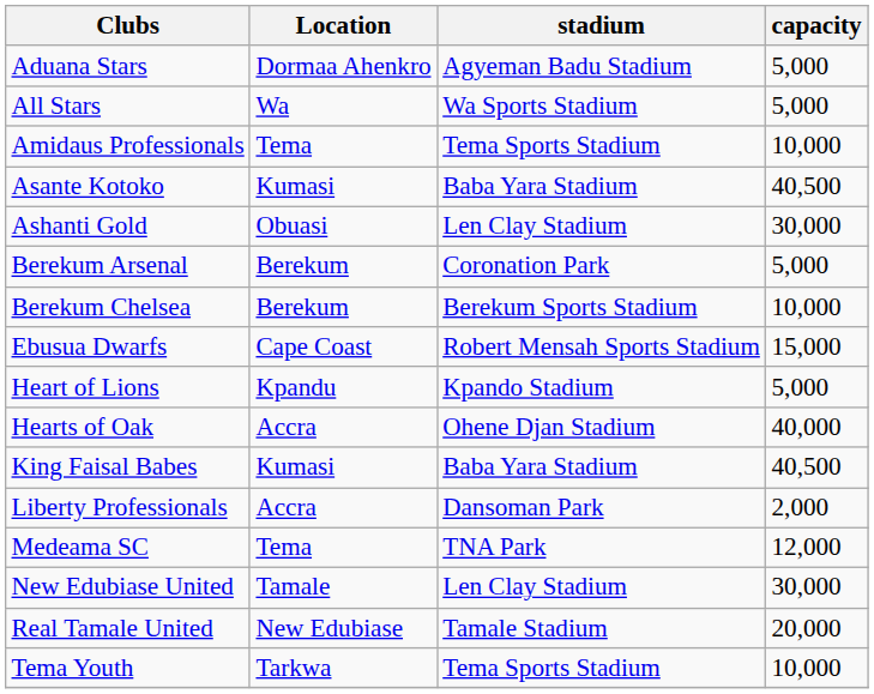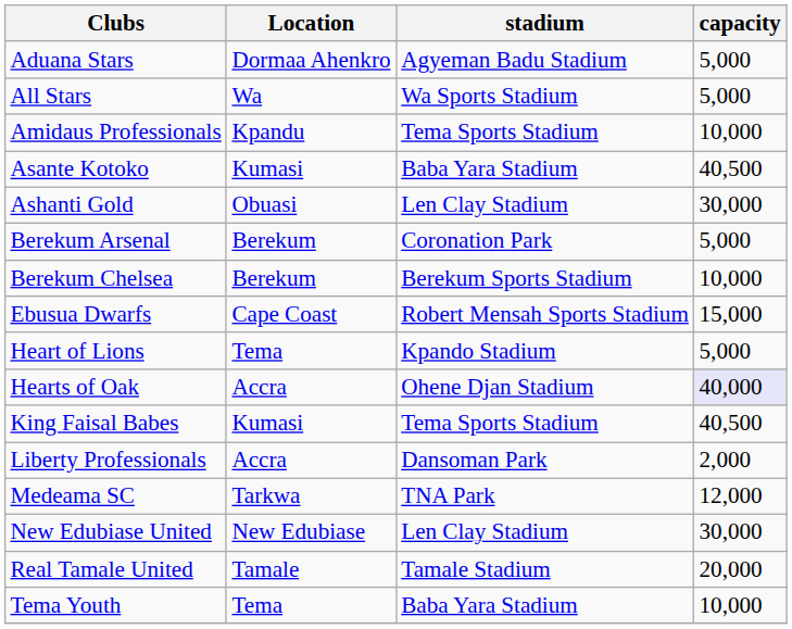 <table class="wikitable sortable" style="text-align:left;">
 <tr>
 <th>Clubs</th>
 <th>Location</th>
 <th>stadium</th>
 <th>capacity</th>
 </tr>
 <tr>
 <td><a href='#'>Aduana Stars</a></td>
 <td><a href='#'>Dormaa Ahenkro</a></td>
 <td><a href='#'>Agyeman Badu Stadium</a></td>
 <td align="centre">5,000</td>
 </tr>
 <tr>
 <td><a href='#'>All Stars</a></td>
 <td><a href='#'>Wa</a></td>
 <td><a href='#'>Wa Sports Stadium</a></td>
 <td align="centre">5,000</td>
 </tr>
 <tr>
 <td><a href='#'>Amidaus Professionals</a></td>
-<td><a href='#'>Tema</a></td>
+<td><a href='#'>Kpandu</a></td>
 <td><a href='#'>Tema Sports Stadium</a></td>
 <td align="centre">10,000</td>
 </tr>
 <tr>
 <td><a href='#'>Asante Kotoko</a></td>
 <td><a href='#'>Kumasi</a></td>
 <td><a href='#'>Baba Yara Stadium</a></td>
 <td align="centre">40,500</td>
 </tr>
 <tr>
 <td><a href='#'>Ashanti Gold</a></td>
 <td><a href='#'>Obuasi</a></td>
 <td><a href='#'>Len Clay Stadium</a></td>
 <td align="centre">30,000</td>
 </tr>
 <tr>
 <td><a href='#'>Berekum Arsenal</a></td>
 <td><a href='#'>Berekum</a></td>
 <td><a href='#'>Coronation Park</a></td>
 <td align="centre">5,000</td>
 </tr>
 <tr>
 <td><a href='#'>Berekum Chelsea</a></td>
 <td><a href='#'>Berekum</a></td>
 <td><a href='#'>Berekum Sports Stadium</a></td>
 <td align="centre">10,000</td>
 </tr>
 <tr>
 <td><a href='#'>Ebusua Dwarfs</a></td>
 <td><a href='#'>Cape Coast</a></td>
 <td><a href='#'>Robert Mensah Sports Stadium</a></td>
 <td align="centre">15,000</td>
 </tr>
 <tr>
 <td><a href='#'>Heart of Lions</a></td>
-<td><a href='#'>Kpandu</a></td>
+<td><a href='#'>Tema</a></td>
 <td><a href='#'>Kpando Stadium</a></td>
 <td align="centre">5,000</td>
 </tr>
 <tr>
 <td><a href='#'>Hearts of Oak</a></td>
 <td><a href='#'>Accra</a></td>
 <td><a href='#'>Ohene Djan Stadium</a></td>
-<td align="centre">40,000</td>
+<td align="centre" style="background: lavender;">40,000</td>
 </tr>
 <tr>
 <td><a href='#'>King Faisal Babes</a></td>
 <td><a href='#'>Kumasi</a></td>
-<td><a href='#'>Baba Yara Stadium</a></td>
+<td><a href='#'>Tema Sports Stadium</a></td>
 <td align="centre">40,500</td>
 </tr>
 <tr>
 <td><a href='#'>Liberty Professionals</a></td>
 <td><a href='#'>Accra</a></td>
 <td><a href='#'>Dansoman Park</a></td>
 <td align="centre">2,000</td>
 </tr>
 <tr>
 <td><a href='#'>Medeama SC</a></td>
-<td><a href='#'>Tema</a></td>
+<td><a href='#'>Tarkwa</a></td>
 <td><a href='#'>TNA Park</a></td>
 <td align="centre">12,000</td>
 </tr>
 <tr>
 <td><a href='#'>New Edubiase United</a></td>
-<td><a href='#'>Tamale</a></td>
+<td><a href='#'>New Edubiase</a></td>
 <td><a href='#'>Len Clay Stadium</a></td>
 <td align="centre">30,000</td>
 </tr>
 <tr>
 <td><a href='#'>Real Tamale United</a></td>
-<td><a href='#'>New Edubiase</a></td>
+<td><a href='#'>Tamale</a></td>
 <td><a href='#'>Tamale Stadium</a></td>
 <td align="centre">20,000</td>
 </tr>
 <tr>
 <td><a href='#'>Tema Youth</a></td>
-<td><a href='#'>Tarkwa</a></td>
-<td><a href='#'>Tema Sports Stadium</a></td>
+<td><a href='#'>Tema</a></td>
+<td><a href='#'>Baba Yara Stadium</a></td>
 <td align="centre">10,000</td>
 </tr>
 <tr>
 </tr>
 </table>
